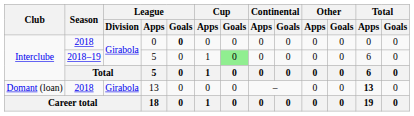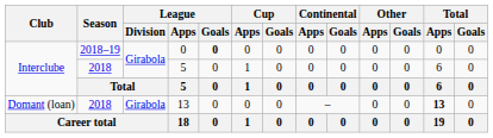 <table class="wikitable" style="text-align: center">
 <tr>
 <th rowspan="2">Club</th>
 <th rowspan="2">Season</th>
 <th colspan="3">League</th>
 <th colspan="2">Cup</th>
 <th colspan="2">Continental</th>
 <th colspan="2">Other</th>
 <th colspan="2">Total</th>
 </tr>
 <tr>
 <th>Division</th>
 <th>Apps</th>
 <th>Goals</th>
 <th>Apps</th>
 <th>Goals</th>
 <th>Apps</th>
 <th>Goals</th>
 <th>Apps</th>
 <th>Goals</th>
 <th>Apps</th>
 <th>Goals</th>
 </tr>
 <tr>
 <td rowspan="3"><a href='#'>Interclube</a></td>
-<td><a href='#'>2018</a></td>
+<td><a href='#'>2018–19</a></td>
 <td rowspan="2"><a href='#'>Girabola</a></td>
 <td>0</td>
 <td><strong>0</strong></td>
 <td>0</td>
 <td>0</td>
 <td>0</td>
 <td>0</td>
 <td>0</td>
 <td>0</td>
 <td>0</td>
 <td>0</td>
 </tr>
 <tr>
-<td><a href='#'>2018–19</a></td>
+<td><a href='#'>2018</a></td>
 <td>5</td>
 <td>0</td>
 <td>1</td>
-<td style="background: lightgreen;">0</td>
+<td>0</td>
 <td>0</td>
 <td>0</td>
 <td>0</td>
 <td>0</td>
 <td>6</td>
 <td>0</td>
 </tr>
 <tr>
 <th colspan="2"><strong>Total</strong></th>
 <th>5</th>
 <th>0</th>
 <th>1</th>
 <th>0</th>
 <th>0</th>
 <th>0</th>
 <th>0</th>
 <th>0</th>
 <th>6</th>
 <th>0</th>
 </tr>
 <tr>
 <td><a href='#'>Domant</a> (loan)</td>
 <td><a href='#'>2018</a></td>
 <td><a href='#'>Girabola</a></td>
 <td>13</td>
 <td>0</td>
 <td>0</td>
 <td>0</td>
 <td colspan="2">–</td>
 <td>0</td>
 <td>0</td>
 <td><strong>13</strong></td>
 <td>0</td>
 </tr>
 <tr>
 <th colspan="3"><strong>Career total</strong></th>
 <th>18</th>
 <th>0</th>
 <th>1</th>
 <th>0</th>
 <th>0</th>
 <th>0</th>
 <th>0</th>
 <th>0</th>
 <th>19</th>
 <th>0</th>
 </tr>
 </table>
